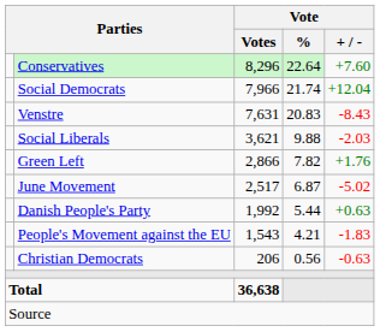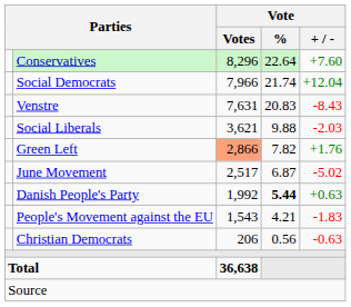 <table class="wikitable" style="text-align:right;">
 <tr>
 <th style="text-align:centre;" rowspan="2" colspan="2" width="225">Parties</th>
 <th colspan="3">Vote</th>
 </tr>
 <tr>
 <th width="15">Votes</th>
 <th width="15">%</th>
 <th width="15">+ / -</th>
 </tr>
 <tr>
 <td width="2" style="color:inherit;background:"></td>
 <td bgcolor=#ccf7cc   align="left"><a href='#'>Conservatives</a></td>
 <td bgcolor=#ccf7cc>8,296</td>
 <td bgcolor=#ccf7cc>22.64</td>
 <td style=color:green;>+7.60</td>
 </tr>
 <tr>
 <td width="2" style="color:inherit;background:"></td>
 <td align="left"><a href='#'>Social Democrats</a></td>
 <td>7,966</td>
 <td>21.74</td>
 <td style=color:green;>+12.04</td>
 </tr>
 <tr>
 <td width="2" style="color:inherit;background:"></td>
 <td align="left"><a href='#'>Venstre</a></td>
 <td>7,631</td>
 <td>20.83</td>
 <td style=color:red;>-8.43</td>
 </tr>
 <tr>
 <td width="2" style="color:inherit;background:"></td>
 <td align="left"><a href='#'>Social Liberals</a></td>
 <td>3,621</td>
 <td>9.88</td>
 <td style=color:red;>-2.03</td>
 </tr>
 <tr>
 <td width="2" style="color:inherit;background:"></td>
 <td align="left"><a href='#'>Green Left</a></td>
-<td>2,866</td>
+<td style="background: lightsalmon;">2,866</td>
 <td>7.82</td>
 <td style=color:green;>+1.76</td>
 </tr>
 <tr>
 <td width="2" style="color:inherit;background:"></td>
 <td align="left"><a href='#'>June Movement</a></td>
 <td>2,517</td>
 <td>6.87</td>
 <td style=color:red;>-5.02</td>
 </tr>
 <tr>
 <td width="2" style="color:inherit;background:"></td>
 <td align="left"><a href='#'>Danish People's Party</a></td>
 <td>1,992</td>
-<td>5.44</td>
+<td><strong>5.44</strong></td>
 <td style=color:green;>+0.63</td>
 </tr>
 <tr>
 <td width="2" style="color:inherit;background:"></td>
 <td align="left"><a href='#'>People's Movement against the EU</a></td>
 <td>1,543</td>
 <td>4.21</td>
 <td style=color:red;>-1.83</td>
 </tr>
 <tr>
 <td width="2" style="color:inherit;background:"></td>
 <td align="left"><a href='#'>Christian Democrats</a></td>
 <td>206</td>
 <td>0.56</td>
 <td style=color:red;>-0.63</td>
 </tr>
 <tr>
 <td colspan="7" bgcolor="#E9E9E9"></td>
 </tr>
 <tr>
 <td align="left" colspan="2"><strong>Total</strong></td>
 <td><strong>36,638</strong></td>
 <td bgcolor="#E9E9E9" colspan="2"></td>
 </tr>
 <tr>
 <td align="left" colspan="6">Source</td>
 </tr>
 </table>
